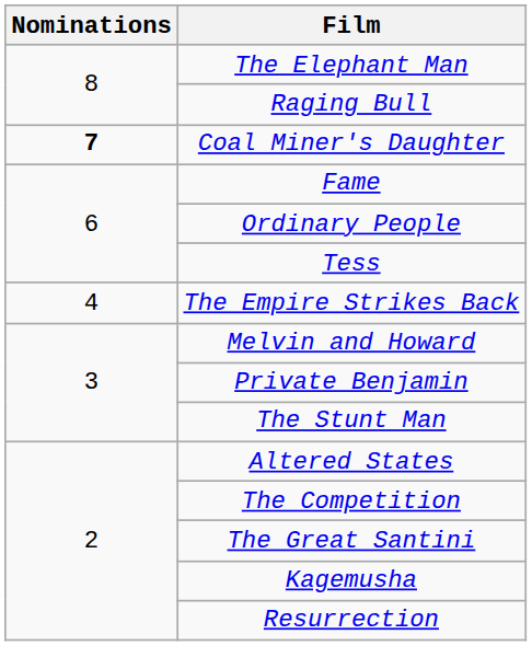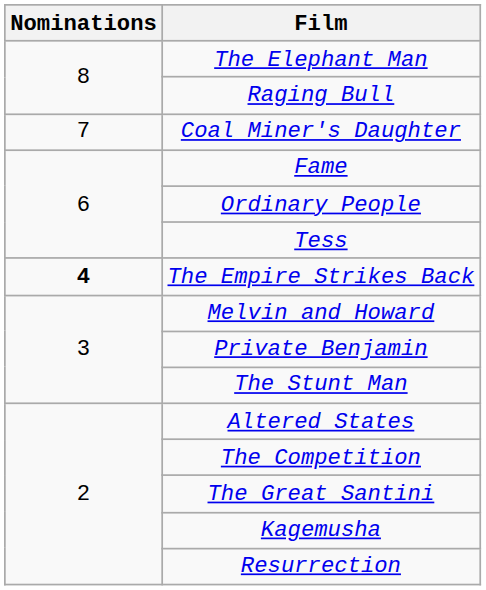 <table class="wikitable plainrowheaders" style="text-align: center;">
 <tr>
 <th scope="col" style="width:55px;">Nominations</th>
 <th scope="col" style="text-align:center;">Film</th>
 </tr>
 <tr>
 <td rowspan="2" scope="row" style="text-align:center">8</td>
 <td><em><a href='#'>The Elephant Man</a></em></td>
 </tr>
 <tr>
 <td><em><a href='#'>Raging Bull</a></em></td>
 </tr>
 <tr>
-<td scope="row" style="text-align:center"><strong>7</strong></td>
+<td scope="row" style="text-align:center">7</td>
 <td><em><a href='#'>Coal Miner's Daughter</a></em></td>
 </tr>
 <tr>
 <td rowspan=3 scope="row" style="text-align:center">6</td>
 <td><em><a href='#'>Fame</a></em></td>
 </tr>
 <tr>
 <td><em><a href='#'>Ordinary People</a></em></td>
 </tr>
 <tr>
 <td><em><a href='#'>Tess</a></em></td>
 </tr>
 <tr>
-<td scope="row" style="text-align:center">4</td>
+<td scope="row" style="text-align:center"><strong>4</strong></td>
 <td><em><a href='#'>The Empire Strikes Back</a></em></td>
 </tr>
 <tr>
 <td rowspan=3 scope="row" style="text-align:center">3</td>
 <td><em><a href='#'>Melvin and Howard</a></em></td>
 </tr>
 <tr>
 <td><em><a href='#'>Private Benjamin</a></em></td>
 </tr>
 <tr>
 <td><em><a href='#'>The Stunt Man</a></em></td>
 </tr>
 <tr>
 <td rowspan=5 scope="row" style="text-align:center">2</td>
 <td><em><a href='#'>Altered States</a></em></td>
 </tr>
 <tr>
 <td><em><a href='#'>The Competition</a></em></td>
 </tr>
 <tr>
 <td><em><a href='#'>The Great Santini</a></em></td>
 </tr>
 <tr>
 <td><em><a href='#'>Kagemusha</a></em></td>
 </tr>
 <tr>
 <td><em><a href='#'>Resurrection</a></em></td>
 </tr>
 </table>
